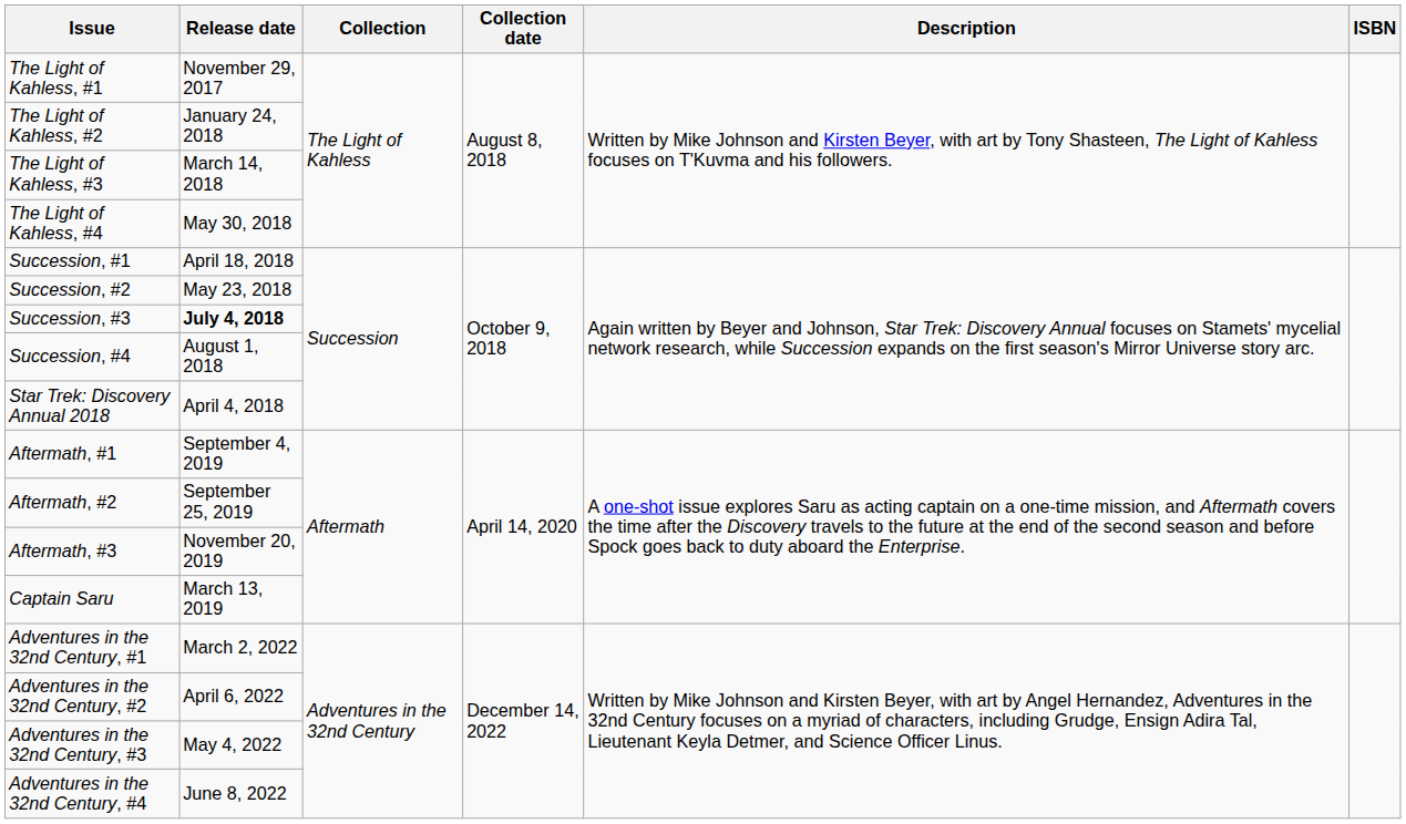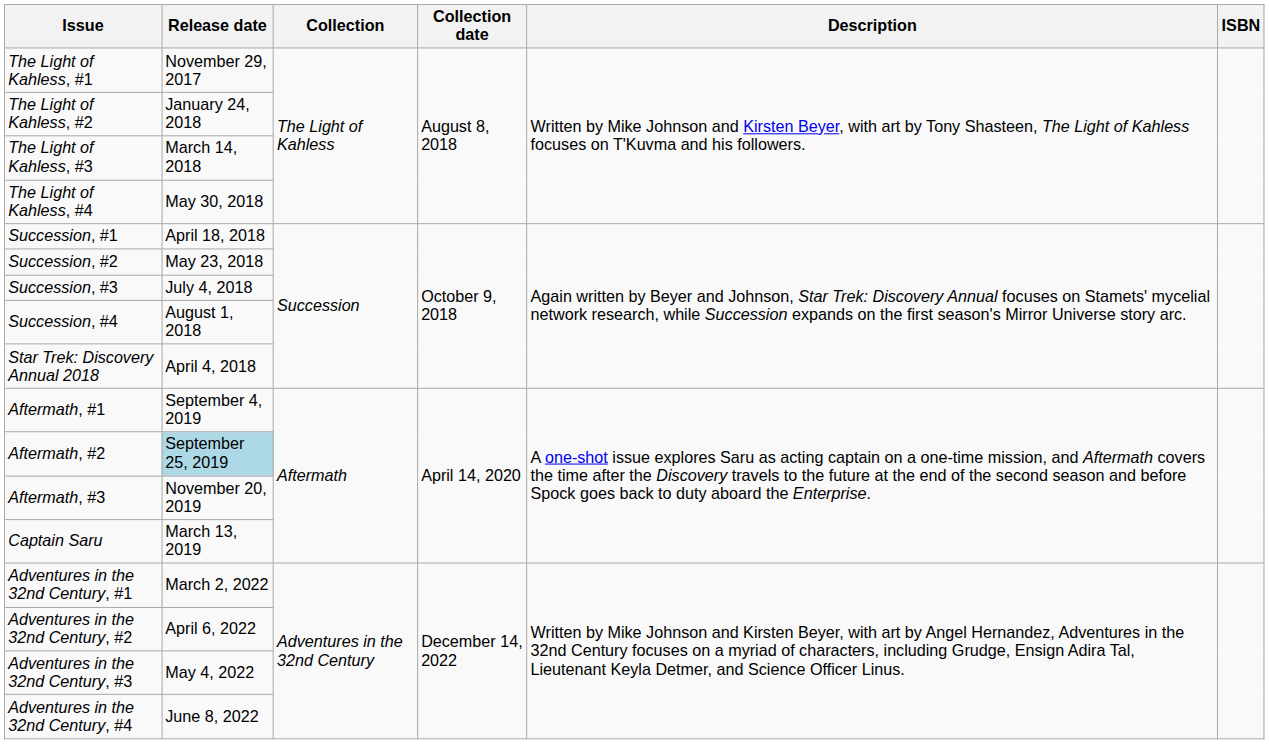 <table class="wikitable">
 <tr>
 <th>Issue</th>
 <th>Release date</th>
 <th>Collection</th>
 <th>Collection date</th>
 <th>Description</th>
 <th>ISBN</th>
 </tr>
 <tr>
 <td><em>The Light of Kahless</em>, #1</td>
 <td>November 29, 2017</td>
 <td rowspan="4"><em>The Light of Kahless</em></td>
 <td rowspan="4">August 8, 2018</td>
 <td rowspan="4">Written by Mike Johnson and <a href='#'>Kirsten Beyer</a>, with art by Tony Shasteen, <em>The Light of Kahless</em> focuses on T'Kuvma and his followers.</td>
 <td rowspan="4"></td>
 </tr>
 <tr>
 <td><em>The Light of Kahless</em>, #2</td>
 <td>January 24, 2018</td>
 </tr>
 <tr>
 <td><em>The Light of Kahless</em>, #3</td>
 <td>March 14, 2018</td>
 </tr>
 <tr>
 <td><em>The Light of Kahless</em>, #4</td>
 <td>May 30, 2018</td>
 </tr>
 <tr>
 <td><em>Succession</em>, #1</td>
 <td>April 18, 2018</td>
 <td rowspan="5"><em>Succession</em></td>
 <td rowspan="5">October 9, 2018</td>
 <td rowspan="5">Again written by Beyer and Johnson, <em>Star Trek: Discovery Annual</em> focuses on Stamets' mycelial network research, while <em>Succession</em> expands on the first season's Mirror Universe story arc.</td>
 <td rowspan="5"></td>
 </tr>
 <tr>
 <td><em>Succession</em>, #2</td>
 <td>May 23, 2018</td>
 </tr>
 <tr>
 <td><em>Succession</em>, #3</td>
-<td><strong>July 4, 2018</strong></td>
+<td>July 4, 2018</td>
 </tr>
 <tr>
 <td><em>Succession</em>, #4</td>
 <td>August 1, 2018</td>
 </tr>
 <tr>
 <td><em>Star Trek: Discovery Annual 2018</em></td>
 <td>April 4, 2018</td>
 </tr>
 <tr>
 <td><em>Aftermath</em>, #1</td>
 <td>September 4, 2019</td>
 <td rowspan="4"><em>Aftermath</em></td>
 <td rowspan="4">April 14, 2020</td>
 <td rowspan="4">A <a href='#'>one-shot</a> issue explores Saru as acting captain on a one-time mission, and <em>Aftermath</em> covers the time after the <em>Discovery</em> travels to the future at the end of the second season and before Spock goes back to duty aboard the <em>Enterprise</em>.</td>
 <td rowspan="4"></td>
 </tr>
 <tr>
 <td><em>Aftermath</em>, #2</td>
-<td>September 25, 2019</td>
+<td style="background: lightblue;">September 25, 2019</td>
 </tr>
 <tr>
 <td><em>Aftermath</em>, #3</td>
 <td>November 20, 2019</td>
 </tr>
 <tr>
 <td><em>Captain Saru</em></td>
 <td>March 13, 2019</td>
 </tr>
 <tr>
 <td><em>Adventures in the 32nd Century</em>, #1</td>
 <td>March 2, 2022</td>
 <td rowspan="4"><em>Adventures in the 32nd Century</em></td>
 <td rowspan="4">December 14, 2022</td>
 <td rowspan="4">Written by Mike Johnson and Kirsten Beyer, with art by Angel Hernandez, Adventures in the 32nd Century focuses on a myriad of characters, including Grudge, Ensign Adira Tal, Lieutenant Keyla Detmer, and Science Officer Linus.</td>
 <td rowspan="4"></td>
 </tr>
 <tr>
 <td><em>Adventures in the 32nd Century</em>, #2</td>
 <td>April 6, 2022</td>
 </tr>
 <tr>
 <td><em>Adventures in the 32nd Century</em>, #3</td>
 <td>May 4, 2022</td>
 </tr>
 <tr>
 <td><em>Adventures in the 32nd Century</em>, #4</td>
 <td>June 8, 2022</td>
 </tr>
 </table>
